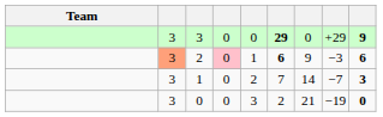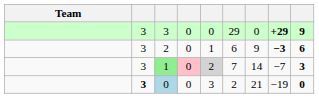 <table class="wikitable" style="text-align: center;">
 <tr>
 <th width=175>Team</th>
 <th width=25></th>
 <th width=25></th>
 <th width=25></th>
 <th width=25></th>
 <th width=25></th>
 <th width=25></th>
 <th width=25></th>
 <th width=25></th>
 </tr>
 <tr bgcolor=ccffcc>
 <td align=left></td>
 <td>3</td>
 <td>3</td>
 <td>0</td>
 <td>0</td>
-<td><strong>29</strong></td>
+<td>29</td>
 <td>0</td>
-<td>+29</td>
+<td><strong>+29</strong></td>
 <td><strong>9</strong></td>
 </tr>
 <tr>
 <td align=left></td>
-<td style="background: lightsalmon;">3</td>
+<td>3</td>
 <td>2</td>
-<td style="background: pink;">0</td>
+<td>0</td>
 <td>1</td>
-<td><strong>6</strong></td>
+<td>6</td>
 <td>9</td>
-<td>−3</td>
+<td><strong>−3</strong></td>
 <td><strong>6</strong></td>
 </tr>
 <tr>
 <td align=left></td>
 <td>3</td>
-<td>1</td>
-<td>0</td>
-<td>2</td>
+<td style="background: lightgreen;">1</td>
+<td style="background: pink;">0</td>
+<td style="background: lightgrey;">2</td>
 <td>7</td>
 <td>14</td>
 <td>−7</td>
 <td><strong>3</strong></td>
 </tr>
 <tr>
 <td align=left></td>
-<td>3</td>
-<td>0</td>
+<td><strong>3</strong></td>
+<td style="background: lightblue;">0</td>
 <td>0</td>
 <td>3</td>
 <td>2</td>
 <td>21</td>
 <td>−19</td>
 <td><strong>0</strong></td>
 </tr>
 </table>
